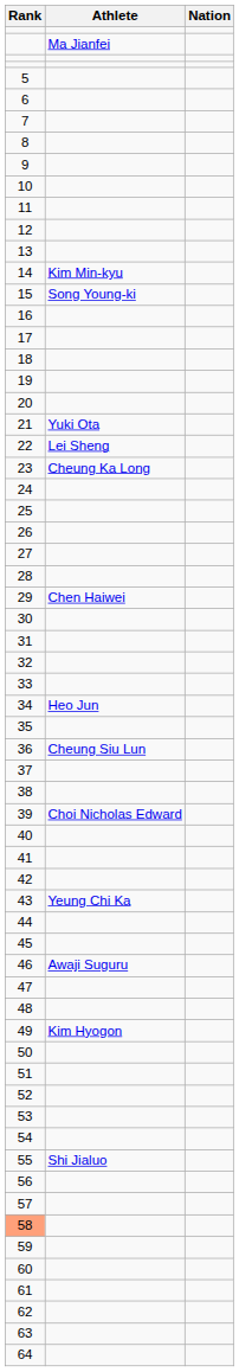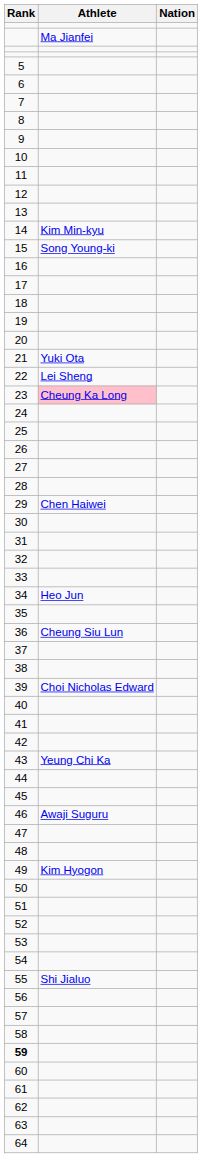 <table class="wikitable sortable" style="text-align:left">
 <tr>
 <th>Rank</th>
 <th>Athlete</th>
 <th>Nation</th>
 </tr>
 <tr>
 <td align="center"></td>
 <td></td>
 <td></td>
 </tr>
 <tr>
 <td align="center"></td>
 <td><a href='#'>Ma Jianfei</a></td>
 <td></td>
 </tr>
 <tr>
 <td align="center"></td>
 <td></td>
 <td></td>
 </tr>
 <tr>
 <td align="center"></td>
 <td></td>
 <td></td>
 </tr>
 <tr>
 <td align="center">5</td>
 <td></td>
 <td></td>
 </tr>
 <tr>
 <td align="center">6</td>
 <td></td>
 <td></td>
 </tr>
 <tr>
 <td align="center">7</td>
 <td></td>
 <td></td>
 </tr>
 <tr>
 <td align="center">8</td>
 <td></td>
 <td></td>
 </tr>
 <tr>
 <td align="center">9</td>
 <td></td>
 <td></td>
 </tr>
 <tr>
 <td align="center">10</td>
 <td></td>
 <td></td>
 </tr>
 <tr>
 <td align="center">11</td>
 <td></td>
 <td></td>
 </tr>
 <tr>
 <td align="center">12</td>
 <td></td>
 <td></td>
 </tr>
 <tr>
 <td align="center">13</td>
 <td></td>
 <td></td>
 </tr>
 <tr>
 <td align="center">14</td>
 <td><a href='#'>Kim Min-kyu</a></td>
 <td></td>
 </tr>
 <tr>
 <td align="center">15</td>
 <td><a href='#'>Song Young-ki</a></td>
 <td></td>
 </tr>
 <tr>
 <td align="center">16</td>
 <td></td>
 <td></td>
 </tr>
 <tr>
 <td align="center">17</td>
 <td></td>
 <td></td>
 </tr>
 <tr>
 <td align="center">18</td>
 <td></td>
 <td></td>
 </tr>
 <tr>
 <td align="center">19</td>
 <td></td>
 <td></td>
 </tr>
 <tr>
 <td align="center">20</td>
 <td></td>
 <td></td>
 </tr>
 <tr>
 <td align="center">21</td>
 <td><a href='#'>Yuki Ota</a></td>
 <td></td>
 </tr>
 <tr>
 <td align="center">22</td>
 <td><a href='#'>Lei Sheng</a></td>
 <td></td>
 </tr>
 <tr>
 <td align="center">23</td>
-<td><a href='#'>Cheung Ka Long</a></td>
+<td style="background: pink;"><a href='#'>Cheung Ka Long</a></td>
 <td></td>
 </tr>
 <tr>
 <td align="center">24</td>
 <td></td>
 <td></td>
 </tr>
 <tr>
 <td align="center">25</td>
 <td></td>
 <td></td>
 </tr>
 <tr>
 <td align="center">26</td>
 <td></td>
 <td></td>
 </tr>
 <tr>
 <td align="center">27</td>
 <td></td>
 <td></td>
 </tr>
 <tr>
 <td align="center">28</td>
 <td></td>
 <td></td>
 </tr>
 <tr>
 <td align="center">29</td>
 <td><a href='#'>Chen Haiwei</a></td>
 <td></td>
 </tr>
 <tr>
 <td align="center">30</td>
 <td></td>
 <td></td>
 </tr>
 <tr>
 <td align="center">31</td>
 <td></td>
 <td></td>
 </tr>
 <tr>
 <td align="center">32</td>
 <td></td>
 <td></td>
 </tr>
 <tr>
 <td align="center">33</td>
 <td></td>
 <td></td>
 </tr>
 <tr>
 <td align="center">34</td>
 <td><a href='#'>Heo Jun</a></td>
 <td></td>
 </tr>
 <tr>
 <td align="center">35</td>
 <td></td>
 <td></td>
 </tr>
 <tr>
 <td align="center">36</td>
 <td><a href='#'>Cheung Siu Lun</a></td>
 <td></td>
 </tr>
 <tr>
 <td align="center">37</td>
 <td></td>
 <td></td>
 </tr>
 <tr>
 <td align="center">38</td>
 <td></td>
 <td></td>
 </tr>
 <tr>
 <td align="center">39</td>
 <td><a href='#'>Choi Nicholas Edward</a></td>
 <td></td>
 </tr>
 <tr>
 <td align="center">40</td>
 <td></td>
 <td></td>
 </tr>
 <tr>
 <td align="center">41</td>
 <td></td>
 <td></td>
 </tr>
 <tr>
 <td align="center">42</td>
 <td></td>
 <td></td>
 </tr>
 <tr>
 <td align="center">43</td>
 <td><a href='#'>Yeung Chi Ka</a></td>
 <td></td>
 </tr>
 <tr>
 <td align="center">44</td>
 <td></td>
 <td></td>
 </tr>
 <tr>
 <td align="center">45</td>
 <td></td>
 <td></td>
 </tr>
 <tr>
 <td align="center">46</td>
 <td><a href='#'>Awaji Suguru</a></td>
 <td></td>
 </tr>
 <tr>
 <td align="center">47</td>
 <td></td>
 <td></td>
 </tr>
 <tr>
 <td align="center">48</td>
 <td></td>
 <td></td>
 </tr>
 <tr>
 <td align="center">49</td>
 <td><a href='#'>Kim Hyogon</a></td>
 <td></td>
 </tr>
 <tr>
 <td align="center">50</td>
 <td></td>
 <td></td>
 </tr>
 <tr>
 <td align="center">51</td>
 <td></td>
 <td></td>
 </tr>
 <tr>
 <td align="center">52</td>
 <td></td>
 <td></td>
 </tr>
 <tr>
 <td align="center">53</td>
 <td></td>
 <td></td>
 </tr>
 <tr>
 <td align="center">54</td>
 <td></td>
 <td></td>
 </tr>
 <tr>
 <td align="center">55</td>
 <td><a href='#'>Shi Jialuo</a></td>
 <td></td>
 </tr>
 <tr>
 <td align="center">56</td>
 <td></td>
 <td></td>
 </tr>
 <tr>
 <td align="center">57</td>
 <td></td>
 <td></td>
 </tr>
 <tr>
-<td align="center" style="background: lightsalmon;">58</td>
+<td align="center">58</td>
 <td></td>
 <td></td>
 </tr>
 <tr>
-<td align="center">59</td>
+<td align="center"><strong>59</strong></td>
 <td></td>
 <td></td>
 </tr>
 <tr>
 <td align="center">60</td>
 <td></td>
 <td></td>
 </tr>
 <tr>
 <td align="center">61</td>
 <td></td>
 <td></td>
 </tr>
 <tr>
 <td align="center">62</td>
 <td></td>
 <td></td>
 </tr>
 <tr>
 <td align="center">63</td>
 <td></td>
 <td></td>
 </tr>
 <tr>
 <td align="center">64</td>
 <td></td>
 <td></td>
 </tr>
 </table>
